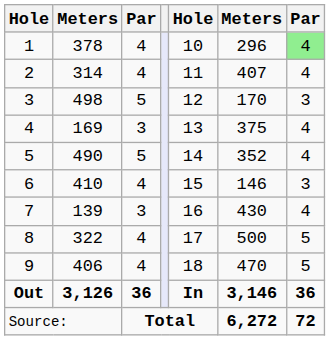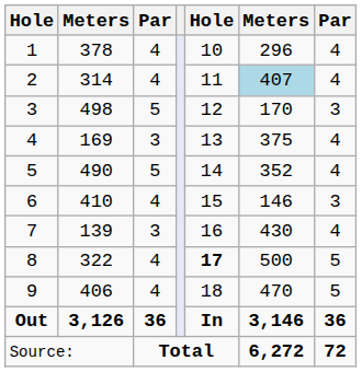 <table class="wikitable" style="text-align:center; font-size:100%;">
 <tr>
 <th>Hole</th>
 <th>Meters</th>
 <th>Par</th>
 <th></th>
 <th>Hole</th>
 <th>Meters</th>
 <th>Par</th>
 </tr>
 <tr>
 <td>1</td>
 <td>378</td>
 <td>4</td>
 <td rowspan="10" style="background:#E6E8FA;"></td>
 <td>10</td>
 <td>296</td>
-<td style="background: lightgreen;">4</td>
+<td>4</td>
 </tr>
 <tr>
 <td>2</td>
 <td>314</td>
 <td>4</td>
 <td>11</td>
-<td>407</td>
+<td style="background: lightblue;">407</td>
 <td>4</td>
 </tr>
 <tr>
 <td>3</td>
 <td>498</td>
 <td>5</td>
 <td>12</td>
 <td>170</td>
 <td>3</td>
 </tr>
 <tr>
 <td>4</td>
 <td>169</td>
 <td>3</td>
 <td>13</td>
 <td>375</td>
 <td>4</td>
 </tr>
 <tr>
 <td>5</td>
 <td>490</td>
 <td>5</td>
 <td>14</td>
 <td>352</td>
 <td>4</td>
 </tr>
 <tr>
 <td>6</td>
 <td>410</td>
 <td>4</td>
 <td>15</td>
 <td>146</td>
 <td>3</td>
 </tr>
 <tr>
 <td>7</td>
 <td>139</td>
 <td>3</td>
 <td>16</td>
 <td>430</td>
 <td>4</td>
 </tr>
 <tr>
 <td>8</td>
 <td>322</td>
 <td>4</td>
-<td>17</td>
+<td><strong>17</strong></td>
 <td>500</td>
 <td>5</td>
 </tr>
 <tr>
 <td>9</td>
 <td>406</td>
 <td>4</td>
 <td>18</td>
 <td>470</td>
 <td>5</td>
 </tr>
 <tr>
 <td><strong>Out</strong></td>
 <td><strong>3,126</strong></td>
 <td><strong>36</strong></td>
 <td><strong>In</strong></td>
 <td><strong>3,146</strong></td>
 <td><strong>36</strong></td>
 </tr>
 <tr>
 <td colspan="2" align="left"><small>Source:</small></td>
 <td colspan="3"><strong>Total</strong></td>
 <td><strong>6,272</strong></td>
 <td><strong>72</strong></td>
 </tr>
 </table>
